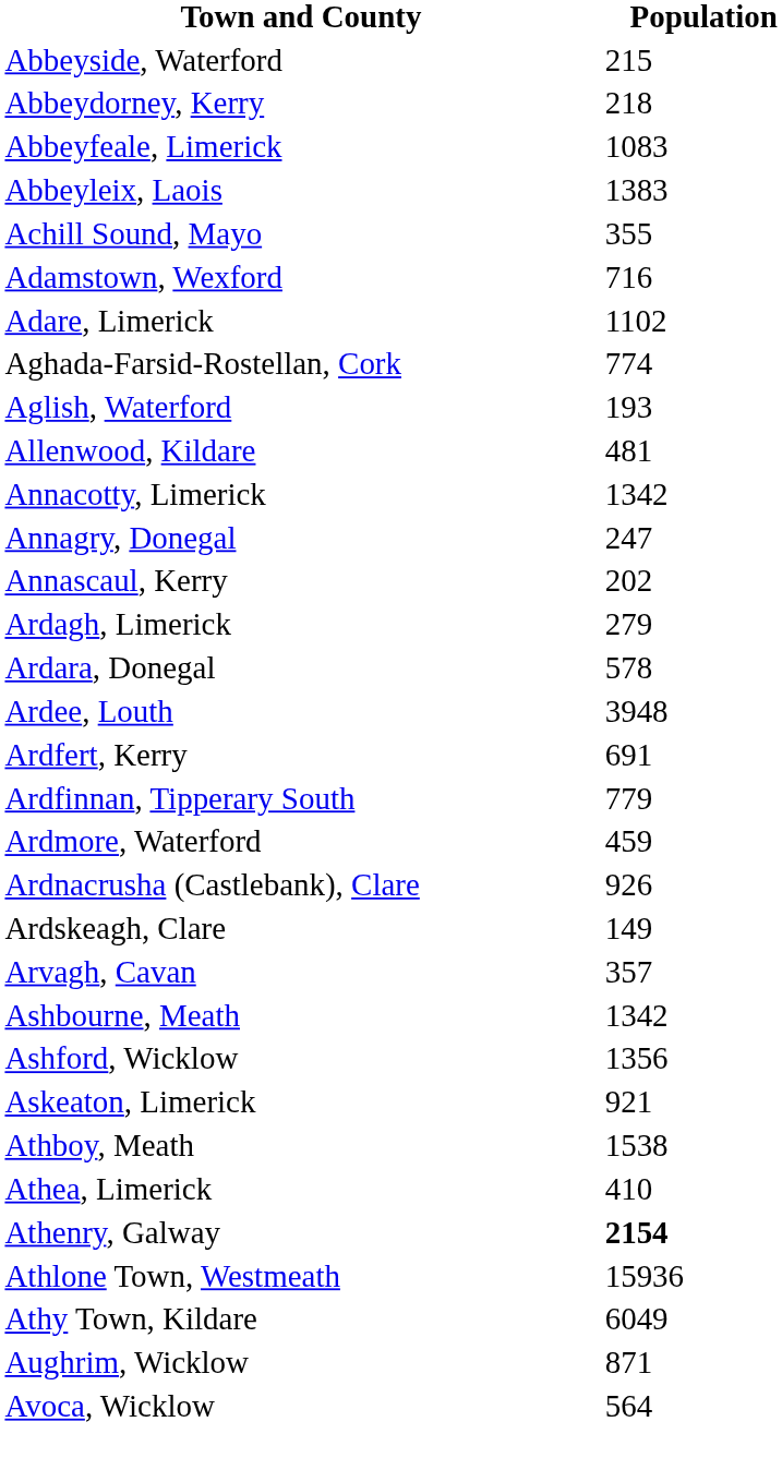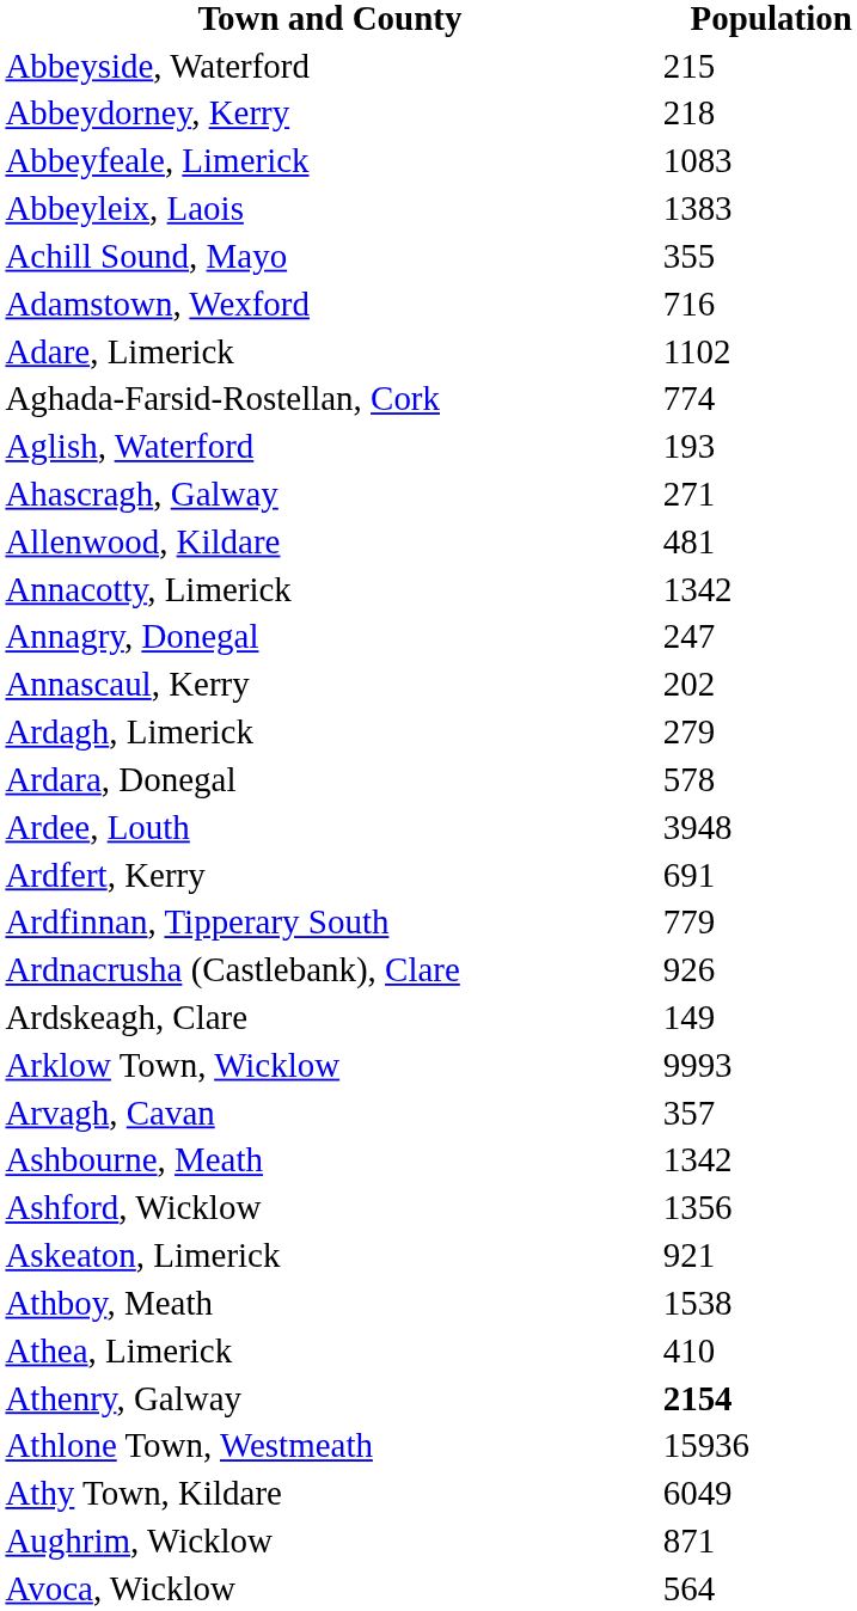 <table>
 <tr>
 <th style="width:300px;align:left;">Town and County</th>
 <th style="width:100px;align:right;">Population</th>
 </tr>
 <tr>
 <td><a href='#'>Abbeyside</a>, Waterford</td>
 <td>215</td>
 </tr>
 <tr>
 <td><a href='#'>Abbeydorney</a>, <a href='#'>Kerry</a></td>
 <td>218</td>
 </tr>
 <tr>
 <td><a href='#'>Abbeyfeale</a>, <a href='#'>Limerick</a></td>
 <td>1083</td>
 </tr>
 <tr>
 <td><a href='#'>Abbeyleix</a>, <a href='#'>Laois</a></td>
 <td>1383</td>
 </tr>
 <tr>
 <td><a href='#'>Achill Sound</a>, <a href='#'>Mayo</a></td>
 <td>355</td>
 </tr>
 <tr>
 <td><a href='#'>Adamstown</a>, <a href='#'>Wexford</a></td>
 <td>716</td>
 </tr>
 <tr>
 <td><a href='#'>Adare</a>, Limerick</td>
 <td>1102</td>
 </tr>
 <tr>
 <td>Aghada-Farsid-Rostellan, <a href='#'>Cork</a></td>
 <td>774</td>
 </tr>
 <tr>
 <td><a href='#'>Aglish</a>, <a href='#'>Waterford</a></td>
 <td>193</td>
 </tr>
 <tr>
+<td><a href='#'>Ahascragh</a>, <a href='#'>Galway</a></td>
+<td>271</td>
+</tr>
+<tr>
 <td><a href='#'>Allenwood</a>, <a href='#'>Kildare</a></td>
 <td>481</td>
 </tr>
 <tr>
 <td><a href='#'>Annacotty</a>, Limerick</td>
 <td>1342</td>
 </tr>
 <tr>
 <td><a href='#'>Annagry</a>, <a href='#'>Donegal</a></td>
 <td>247</td>
 </tr>
 <tr>
 <td><a href='#'>Annascaul</a>, Kerry</td>
 <td>202</td>
 </tr>
 <tr>
 <td><a href='#'>Ardagh</a>, Limerick</td>
 <td>279</td>
 </tr>
 <tr>
 <td><a href='#'>Ardara</a>, Donegal</td>
 <td>578</td>
 </tr>
 <tr>
 <td><a href='#'>Ardee</a>, <a href='#'>Louth</a></td>
 <td>3948</td>
 </tr>
 <tr>
 <td><a href='#'>Ardfert</a>, Kerry</td>
 <td>691</td>
 </tr>
 <tr>
 <td><a href='#'>Ardfinnan</a>, <a href='#'>Tipperary South</a></td>
 <td>779</td>
 </tr>
 <tr>
-<td><a href='#'>Ardmore</a>, Waterford</td>
-<td>459</td>
-</tr>
-<tr>
 <td><a href='#'>Ardnacrusha</a> (Castlebank), <a href='#'>Clare</a></td>
 <td>926</td>
 </tr>
 <tr>
 <td>Ardskeagh, Clare</td>
 <td>149</td>
+</tr>
+<tr>
+<td><a href='#'>Arklow</a> Town, <a href='#'>Wicklow</a></td>
+<td>9993</td>
 </tr>
 <tr>
 <td><a href='#'>Arvagh</a>, <a href='#'>Cavan</a></td>
 <td>357</td>
 </tr>
 <tr>
 <td><a href='#'>Ashbourne</a>, <a href='#'>Meath</a></td>
 <td>1342</td>
 </tr>
 <tr>
 <td><a href='#'>Ashford</a>, Wicklow</td>
 <td>1356</td>
 </tr>
 <tr>
 <td><a href='#'>Askeaton</a>, Limerick</td>
 <td>921</td>
 </tr>
 <tr>
 <td><a href='#'>Athboy</a>, Meath</td>
 <td>1538</td>
 </tr>
 <tr>
 <td><a href='#'>Athea</a>, Limerick</td>
 <td>410</td>
 </tr>
 <tr>
 <td><a href='#'>Athenry</a>, Galway</td>
 <td><strong>2154</strong></td>
 </tr>
 <tr>
 <td><a href='#'>Athlone</a> Town, <a href='#'>Westmeath</a></td>
 <td>15936</td>
 </tr>
 <tr>
 <td><a href='#'>Athy</a> Town, Kildare</td>
 <td>6049</td>
 </tr>
 <tr>
 <td><a href='#'>Aughrim</a>, Wicklow</td>
 <td>871</td>
 </tr>
 <tr>
 <td><a href='#'>Avoca</a>, Wicklow</td>
 <td>564</td>
 </tr>
 </table>
